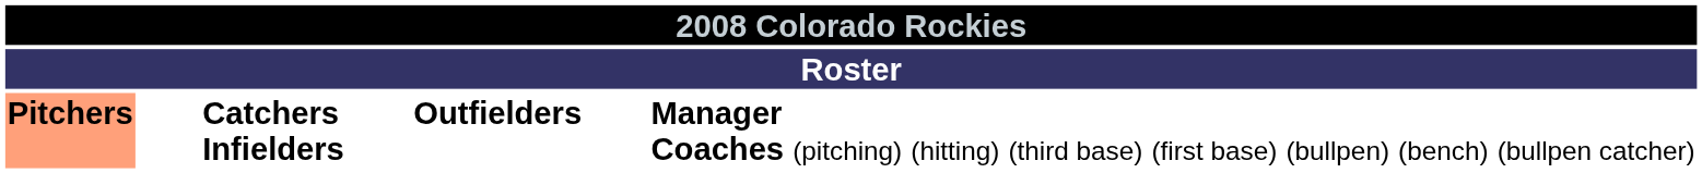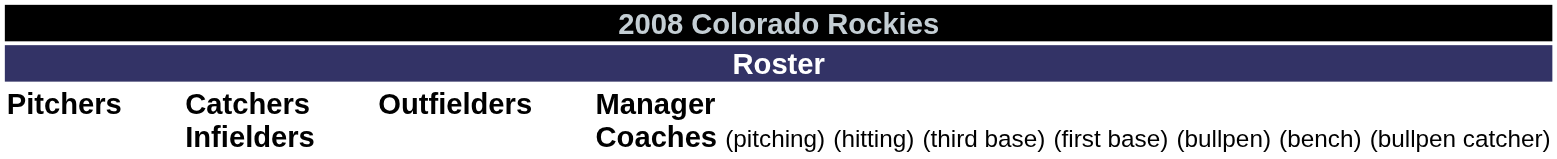 <table class="toccolours" style="font-size: 95%;">
 <tr>
 <th colspan="10" style="background-color: #000000; color: #C4CED4; text-align: center;">2008 Colorado Rockies</th>
 </tr>
 <tr>
 <td colspan="10" style="background-color: #333366; color: #FFFFFF; text-align: center;"><strong>Roster</strong></td>
 </tr>
 <tr>
-<td valign="top" style="background: lightsalmon;"><strong>Pitchers</strong><br>                         </td>
+<td valign="top"><strong>Pitchers</strong><br>                         </td>
 <td width="25px"></td>
 <td valign="top"><strong>Catchers</strong><br>    <strong>Infielders</strong>           </td>
 <td width="25px"></td>
 <td valign="top"><strong>Outfielders</strong><br>       </td>
 <td width="25px"></td>
 <td valign="top"><strong>Manager</strong><br> <strong>Coaches</strong>  <small>(pitching)</small>  <small>(hitting)</small>  <small>(third base)</small>  <small>(first base)</small>  <small>(bullpen)</small>  <small>(bench)</small>  <small>(bullpen catcher)</small></td>
 </tr>
 <tr>
 </tr>
 </table>
